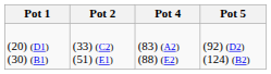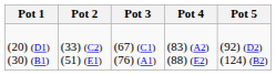 <table class=wikitable>
 <tr>
 <th width=20%>Pot 1</th>
 <th width=20%>Pot 2</th>
+<th width=20%>Pot 3</th>
 <th width=20%>Pot 4</th>
 <th width=20%>Pot 5</th>
 </tr>
 <tr valign=top>
 <td><br> (20) <small>(<a href='#'>D1</a>)</small><br>  (30) <small>(<a href='#'>B1</a>)</small></td>
 <td><br> (33) <small>(<a href='#'>C2</a>)</small><br>  (51) <small>(<a href='#'>E1</a>)</small></td>
+<td><br> (67) <small>(<a href='#'>C1</a>)</small><br>  (76) <small>(<a href='#'>A1</a>)</small></td>
 <td><br> (83) <small>(<a href='#'>A2</a>)</small><br>  (88) <small>(<a href='#'>E2</a>)</small></td>
 <td><br> (92) <small>(<a href='#'>D2</a>)</small><br>  (124) <small>(<a href='#'>B2</a>)</small></td>
 </tr>
 </table>
